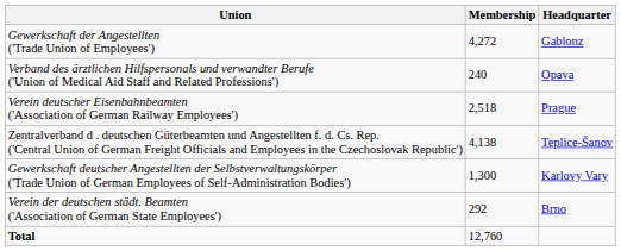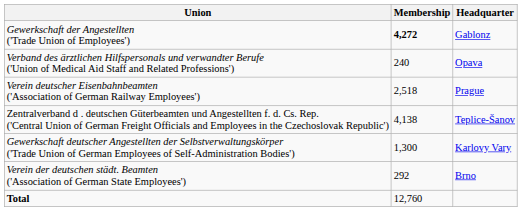 <table class="wikitable">
 <tr>
 <th>Union</th>
 <th>Membership</th>
 <th>Headquarter</th>
 </tr>
 <tr>
 <td><em>Gewerkschaft der Angestellten</em><br>('Trade Union of Employees')</td>
-<td>4,272</td>
+<td><strong>4,272</strong></td>
 <td><a href='#'>Gablonz</a></td>
 </tr>
 <tr>
 <td><em>Verband des ärztlichen Hilfspersonals und verwandter Berufe</em><br>('Union of Medical Aid Staff and Related Professions')</td>
 <td>240</td>
 <td><a href='#'>Opava</a></td>
 </tr>
 <tr>
 <td><em>Verein deutscher Eisenbahnbeamten</em><br>('Association of German Railway Employees')</td>
 <td>2,518</td>
 <td><a href='#'>Prague</a></td>
 </tr>
 <tr>
 <td>Zentralverband d . deutschen Güterbeamten und Angestellten f. d. Cs. Rep.<br>('Central Union of German Freight Officials and Employees in the Czechoslovak Republic')</td>
 <td>4,138</td>
 <td><a href='#'>Teplice-Šanov</a></td>
 </tr>
 <tr>
 <td><em>Gewerkschaft deutscher Angestellten der Selbstverwaltungskörper</em><br>('Trade Union of German Employees of Self-Administration Bodies')</td>
 <td>1,300</td>
 <td><a href='#'>Karlovy Vary</a></td>
 </tr>
 <tr>
 <td><em>Verein der deutschen städt. Beamten</em><br>('Association of German State Employees')</td>
 <td>292</td>
 <td><a href='#'>Brno</a></td>
 </tr>
 <tr>
 <td><strong>Total</strong></td>
 <td>12,760</td>
 </tr>
 </table>
